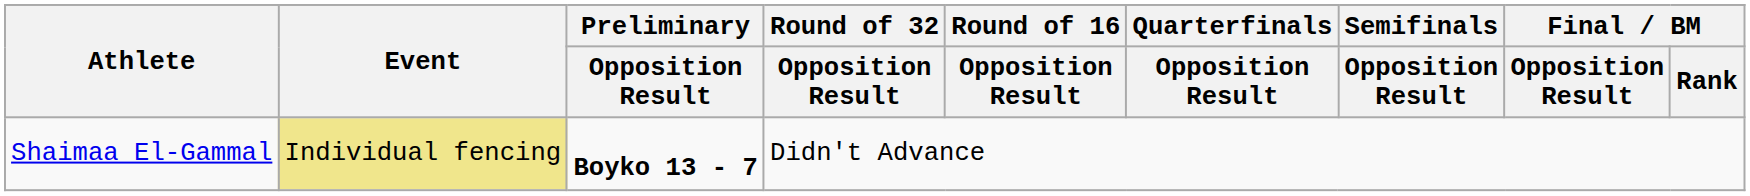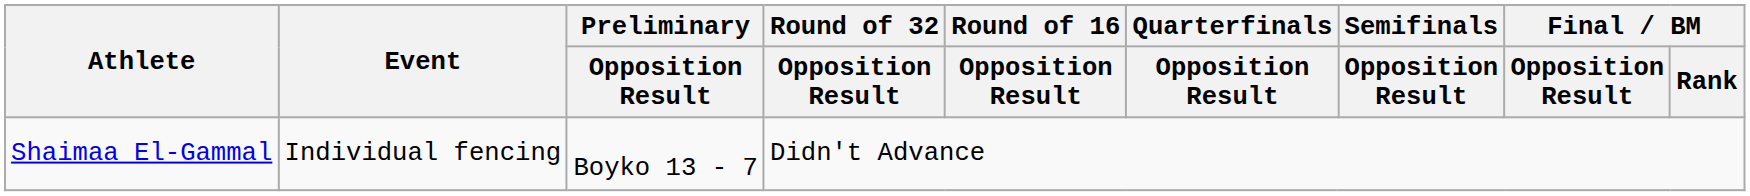 <table class="wikitable">
 <tr>
 <th rowspan="2">Athlete</th>
 <th rowspan="2">Event</th>
 <th>Preliminary</th>
 <th>Round of 32</th>
 <th>Round of 16</th>
 <th>Quarterfinals</th>
 <th>Semifinals</th>
 <th colspan="2">Final / <abbr>BM</abbr></th>
 </tr>
 <tr>
 <th>Opposition<br>Result</th>
 <th>Opposition<br>Result</th>
 <th>Opposition<br>Result</th>
 <th>Opposition<br>Result</th>
 <th>Opposition<br>Result</th>
 <th>Opposition<br>Result</th>
 <th>Rank</th>
 </tr>
 <tr>
 <td><a href='#'>Shaimaa El-Gammal</a></td>
-<td style="background: khaki;">Individual fencing</td>
-<td><strong><br>Boyko 13 - 7</strong></td>
+<td>Individual fencing</td>
+<td><br>Boyko 13 - 7</td>
 <td colspan="6">Didn't Advance</td>
 </tr>
 </table>
